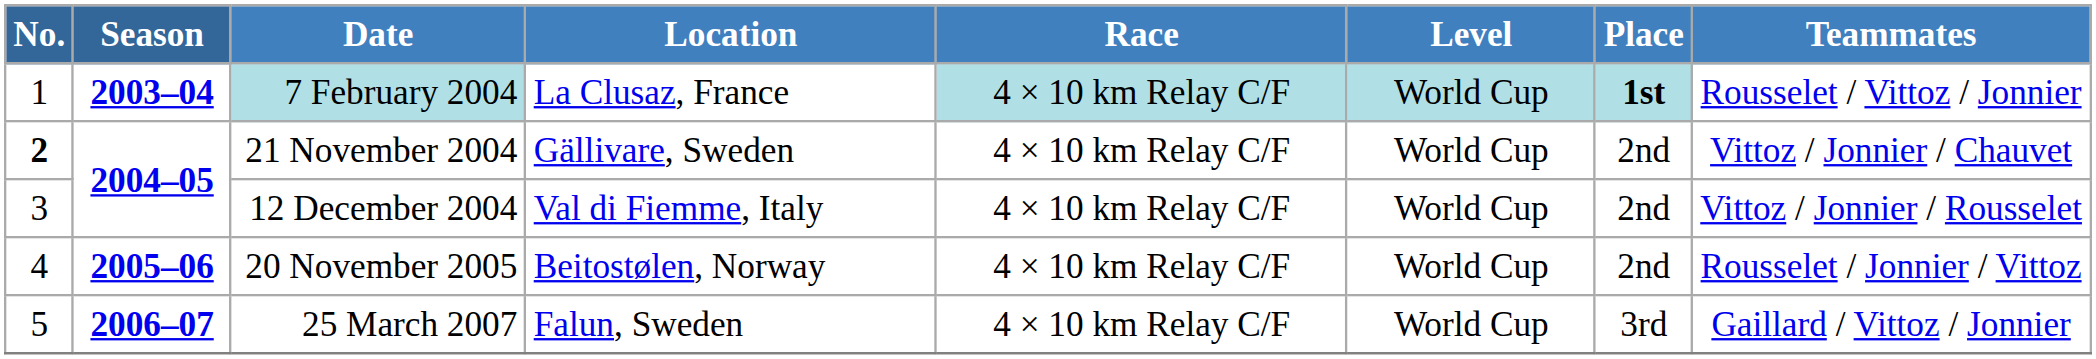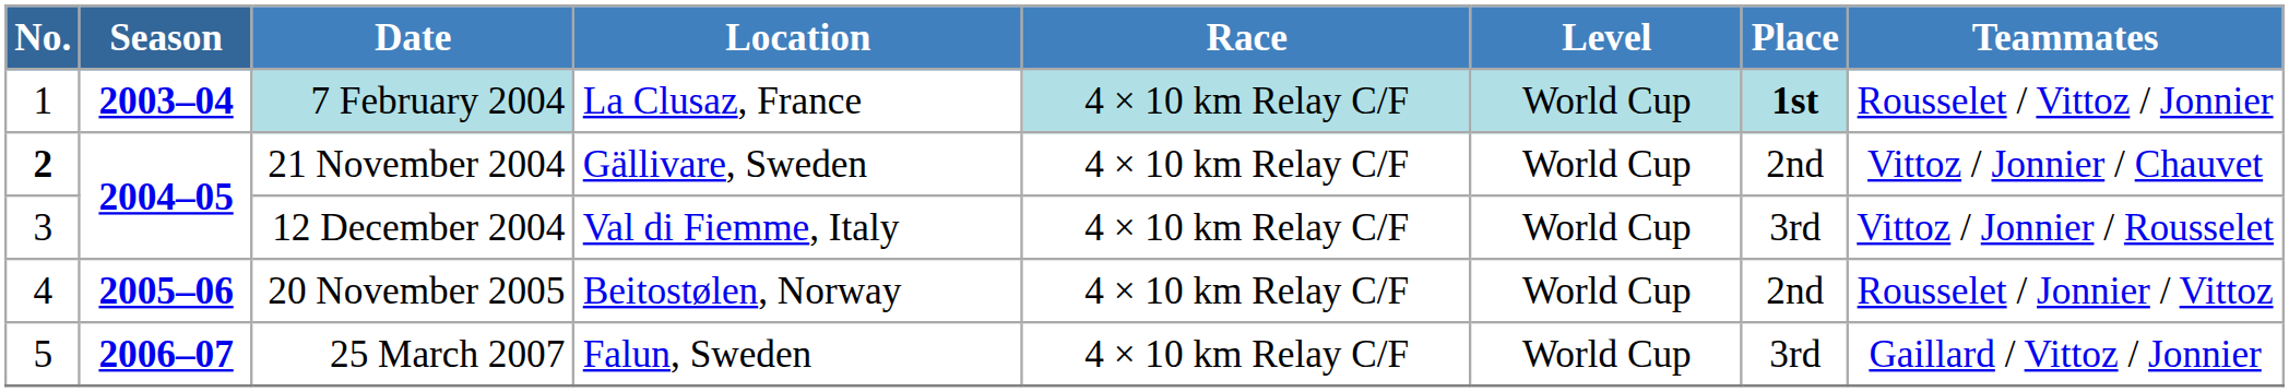 <table class="wikitable sortable" style="font-size:95%; text-align:center; border:grey solid 1px; border-collapse:collapse; background:#ffffff;">
 <tr style="background:#efefef;">
 <th style="background-color:#369; color:white;">No.</th>
 <th style="background-color:#369; color:white;">Season</th>
 <th style="background-color:#4180be; color:white; width:120px;">Date</th>
 <th style="background-color:#4180be; color:white; width:170px;">Location</th>
 <th style="background-color:#4180be; color:white; width:170px;">Race</th>
 <th style="background-color:#4180be; color:white; width:100px;">Level</th>
 <th style="background-color:#4180be; color:white;">Place</th>
 <th style="background-color:#4180be; color:white;">Teammates</th>
 </tr>
 <tr>
 <td align=center>1</td>
 <td rowspan=1 align=center><strong><a href='#'>2003–04</a></strong></td>
 <td bgcolor="#BOEOE6" align=right>7 February 2004</td>
 <td align=left> <a href='#'>La Clusaz</a>, France</td>
 <td bgcolor="#BOEOE6">4 × 10 km Relay C/F</td>
 <td bgcolor="#BOEOE6">World Cup</td>
 <td bgcolor="#BOEOE6"><strong>1st</strong></td>
 <td><a href='#'>Rousselet</a> / <a href='#'>Vittoz</a> / <a href='#'>Jonnier</a></td>
 </tr>
 <tr>
 <td align=center><strong>2</strong></td>
 <td rowspan=2 align=center><strong> <a href='#'>2004–05</a> </strong></td>
 <td align=right>21 November 2004</td>
 <td align=left> <a href='#'>Gällivare</a>, Sweden</td>
 <td>4 × 10 km Relay C/F</td>
 <td>World Cup</td>
 <td>2nd</td>
 <td><a href='#'>Vittoz</a> / <a href='#'>Jonnier</a> / <a href='#'>Chauvet</a></td>
 </tr>
 <tr>
 <td align=center>3</td>
 <td align=right>12 December 2004</td>
 <td align=left> <a href='#'>Val di Fiemme</a>, Italy</td>
 <td>4 × 10 km Relay C/F</td>
 <td>World Cup</td>
-<td>2nd</td>
+<td>3rd</td>
 <td><a href='#'>Vittoz</a> / <a href='#'>Jonnier</a> / <a href='#'>Rousselet</a></td>
 </tr>
 <tr>
 <td align=center>4</td>
 <td rowspan=1 align=center><strong> <a href='#'>2005–06</a> </strong></td>
 <td align=right>20 November 2005</td>
 <td align=left> <a href='#'>Beitostølen</a>, Norway</td>
 <td>4 × 10 km Relay C/F</td>
 <td>World Cup</td>
 <td>2nd</td>
 <td><a href='#'>Rousselet</a> / <a href='#'>Jonnier</a> / <a href='#'>Vittoz</a></td>
 </tr>
 <tr>
 <td align=center>5</td>
 <td rowspan=1 align=center><strong> <a href='#'>2006–07</a> </strong></td>
 <td align=right>25 March 2007</td>
 <td align=left> <a href='#'>Falun</a>, Sweden</td>
 <td>4 × 10 km Relay C/F</td>
 <td>World Cup</td>
 <td>3rd</td>
 <td><a href='#'>Gaillard</a> / <a href='#'>Vittoz</a> / <a href='#'>Jonnier</a></td>
 </tr>
 <tr>
 </tr>
 </table>
